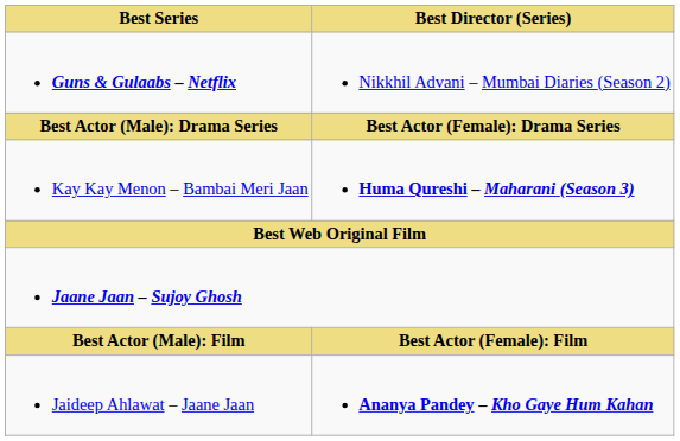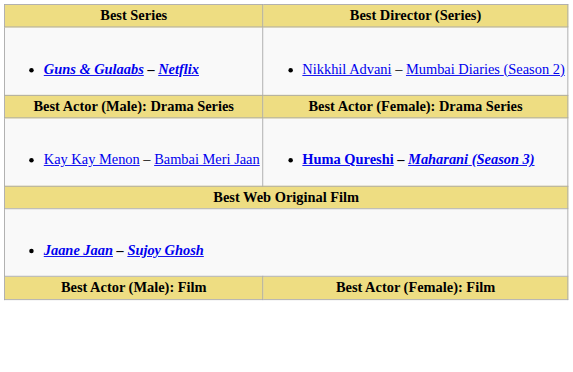 <table class="wikitable">
 <tr>
 <th colspan=1 style="background:#EEDD82;">Best Series</th>
 <th colspan=1 style="background:#EEDD82;">Best Director (Series)</th>
 </tr>
 <tr>
 <td colspan=1><br><ul><li><strong><em><a href='#'>Guns & Gulaabs</a><em> – <a href='#'>Netflix</a><strong></li></ul></td>
 <td><br><ul><li></strong><a href='#'>Nikkhil Advani</a> – <a href='#'></em>Mumbai Diaries<em> </em>(Season 2)<em></a><strong></li></ul></td>
 </tr>
 <tr>
 <th colspan=1 style="background:#EEDD82;">Best Actor (Male): Drama Series</th>
 <th colspan=1 style="background:#EEDD82;">Best Actor (Female): Drama Series</th>
 </tr>
 <tr>
 <td colspan=1><br><ul><li></strong><a href='#'>Kay Kay Menon</a> – </em><a href='#'>Bambai Meri Jaan</a></em></strong></li></ul></td>
 <td colspan=1><br><ul><li><strong><a href='#'>Huma Qureshi</a> – <a href='#'><em>Maharani</em> <em>(Season 3)</em></a></strong></li></ul></td>
 </tr>
 <tr>
 <th colspan="2" style="background:#EEDD82;">Best Web Original Film</th>
 </tr>
 <tr>
 <td colspan="2"; valign="top"><br><ul><li><strong><em><a href='#'>Jaane Jaan</a><em> – <a href='#'>Sujoy Ghosh</a><strong></li></ul></td>
 </tr>
 <tr>
 <th colspan=1 style="background:#EEDD82;">Best Actor (Male): Film</th>
 <th colspan=1 style="background:#EEDD82;">Best Actor (Female): Film</th>
 </tr>
-<tr>
-<td colspan=1><br><ul><li></strong><a href='#'>Jaideep Ahlawat</a> – </em><a href='#'>Jaane Jaan</a></em></strong></li></ul></td>
-<td colspan=1><br><ul><li><strong><a href='#'>Ananya Pandey</a> – <em><a href='#'>Kho Gaye Hum Kahan</a><strong><em></li></ul></td>
-</tr>
 </table>
